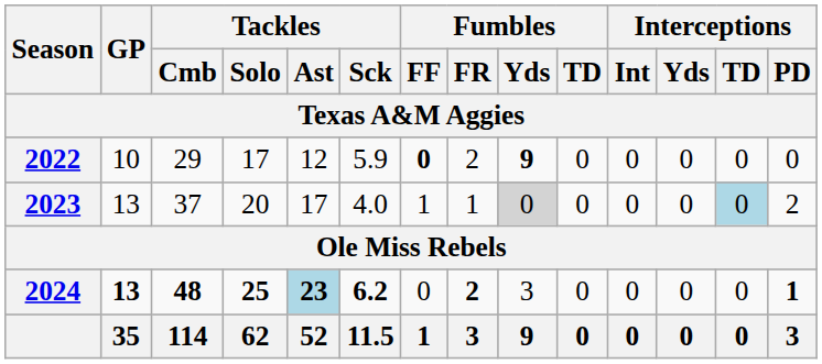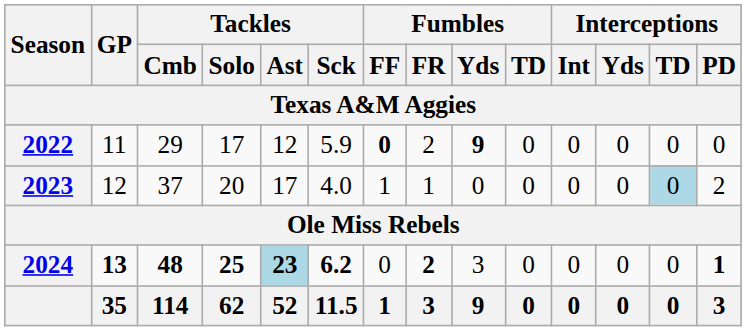 <table class="wikitable" style="text-align:center;">
 <tr>
 <th rowspan="2">Season</th>
 <th rowspan="2">GP</th>
 <th colspan="4">Tackles</th>
 <th colspan="4">Fumbles</th>
 <th colspan="4">Interceptions</th>
 </tr>
 <tr>
 <th>Cmb</th>
 <th>Solo</th>
 <th>Ast</th>
 <th>Sck</th>
 <th>FF</th>
 <th>FR</th>
 <th>Yds</th>
 <th>TD</th>
 <th>Int</th>
 <th>Yds</th>
 <th>TD</th>
 <th>PD</th>
 </tr>
 <tr>
 <th colspan="16">Texas A&M Aggies</th>
 </tr>
 <tr>
 <th><a href='#'>2022</a></th>
-<td>10</td>
+<td>11</td>
 <td>29</td>
 <td>17</td>
 <td>12</td>
 <td>5.9</td>
 <td><strong>0</strong></td>
 <td>2</td>
 <td><strong>9</strong></td>
 <td>0</td>
 <td>0</td>
 <td>0</td>
 <td>0</td>
 <td>0</td>
 </tr>
 <tr>
 <th><a href='#'>2023</a></th>
-<td>13</td>
+<td>12</td>
 <td>37</td>
 <td>20</td>
 <td>17</td>
 <td>4.0</td>
 <td>1</td>
 <td>1</td>
-<td style="background: lightgrey;">0</td>
+<td>0</td>
 <td>0</td>
 <td>0</td>
 <td>0</td>
 <td style="background: lightblue;">0</td>
 <td>2</td>
 </tr>
 <tr>
 <th colspan="16">Ole Miss Rebels</th>
 </tr>
 <tr>
 <th><a href='#'>2024</a></th>
 <td><strong>13</strong></td>
 <td><strong>48</strong></td>
 <td><strong>25</strong></td>
 <td style="background: lightblue;"><strong>23</strong></td>
 <td><strong>6.2</strong></td>
 <td>0</td>
 <td><strong>2</strong></td>
 <td>3</td>
 <td>0</td>
 <td>0</td>
 <td>0</td>
 <td>0</td>
 <td><strong>1</strong></td>
 </tr>
 <tr>
 <th></th>
 <th>35</th>
 <th>114</th>
 <th>62</th>
 <th>52</th>
 <th>11.5</th>
 <th>1</th>
 <th>3</th>
 <th>9</th>
 <th>0</th>
 <th>0</th>
 <th>0</th>
 <th>0</th>
 <th>3</th>
 </tr>
 </table>
